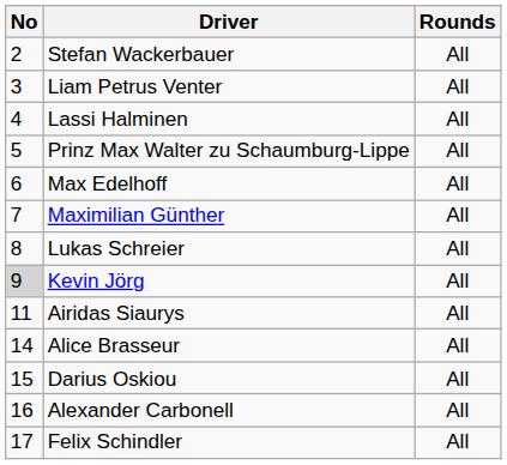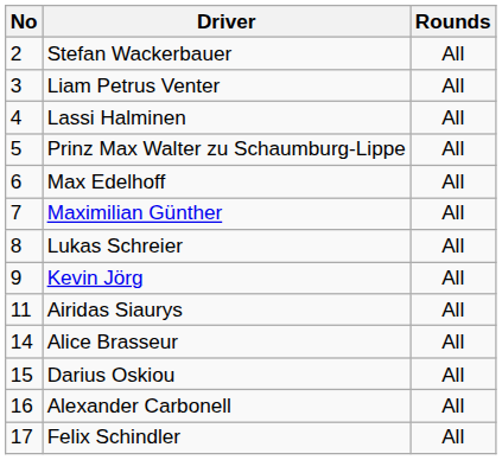 <table class="wikitable" style="font-size: 85%;">
 <tr>
 <th>No</th>
 <th>Driver</th>
 <th>Rounds</th>
 </tr>
 <tr>
 <td>2</td>
 <td> Stefan Wackerbauer</td>
 <td align=center>All</td>
 </tr>
 <tr>
 <td>3</td>
 <td> Liam Petrus Venter</td>
 <td align=center>All</td>
 </tr>
 <tr>
 <td>4</td>
 <td> Lassi Halminen</td>
 <td align=center>All</td>
 </tr>
 <tr>
 <td>5</td>
 <td> Prinz Max Walter zu Schaumburg-Lippe</td>
 <td align=center>All</td>
 </tr>
 <tr>
 <td>6</td>
 <td> Max Edelhoff</td>
 <td align=center>All</td>
 </tr>
 <tr>
 <td>7</td>
 <td> <a href='#'>Maximilian Günther</a></td>
 <td align=center>All</td>
 </tr>
 <tr>
 <td>8</td>
 <td> Lukas Schreier</td>
 <td align=center>All</td>
 </tr>
 <tr>
-<td style="background: lightgrey;">9</td>
+<td>9</td>
 <td> <a href='#'>Kevin Jörg</a></td>
 <td align=center>All</td>
 </tr>
 <tr>
 <td>11</td>
 <td> Airidas Siaurys</td>
 <td align=center>All</td>
 </tr>
 <tr>
 <td>14</td>
 <td> Alice Brasseur</td>
 <td align=center>All</td>
 </tr>
 <tr>
 <td>15</td>
 <td> Darius Oskiou</td>
 <td align=center>All</td>
 </tr>
 <tr>
 <td>16</td>
 <td> Alexander Carbonell</td>
 <td align=center>All</td>
 </tr>
 <tr>
 <td>17</td>
 <td> Felix Schindler</td>
 <td align=center>All</td>
 </tr>
 </table>
